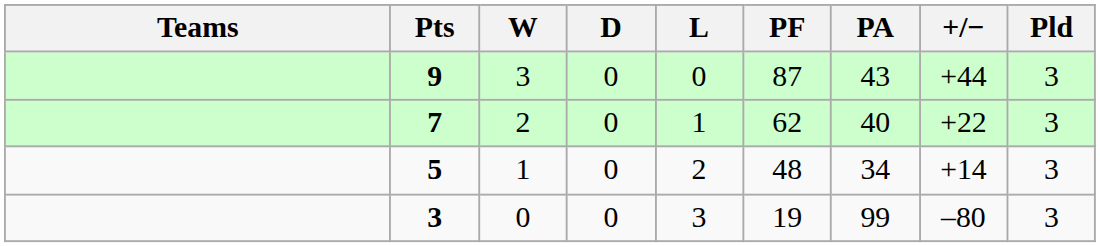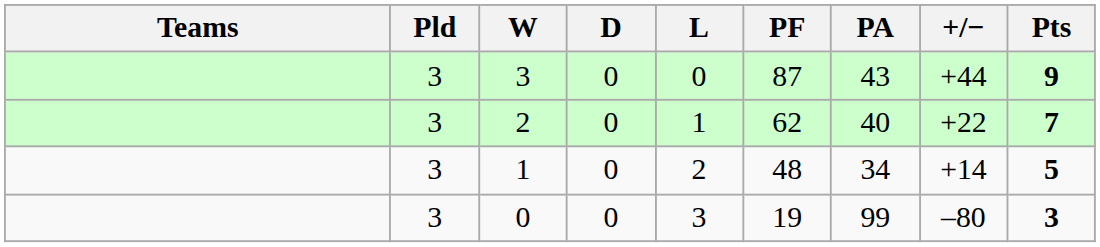 <table class="wikitable" style="text-align: center;">
 <tr>
 <th width="200">Teams</th>
-<th width="40">Pts</th>
+<th width="40">Pld</th>
 <th width="40">W</th>
 <th width="40">D</th>
 <th width="40">L</th>
 <th width="40">PF</th>
 <th width="40">PA</th>
 <th width="40">+/−</th>
-<th width="40">Pld</th>
+<th width="40">Pts</th>
 </tr>
 <tr bgcolor=ccffcc>
 <td align="left"></td>
-<td><strong>9</strong></td>
+<td>3</td>
 <td>3</td>
 <td>0</td>
 <td>0</td>
 <td>87</td>
 <td>43</td>
 <td>+44</td>
-<td>3</td>
+<td><strong>9</strong></td>
 </tr>
 <tr bgcolor=ccffcc>
 <td align="left"></td>
-<td><strong>7</strong></td>
+<td>3</td>
 <td>2</td>
 <td>0</td>
 <td>1</td>
 <td>62</td>
 <td>40</td>
 <td>+22</td>
-<td>3</td>
+<td><strong>7</strong></td>
 </tr>
 <tr>
 <td align=left></td>
-<td><strong>5</strong></td>
+<td>3</td>
 <td>1</td>
 <td>0</td>
 <td>2</td>
 <td>48</td>
 <td>34</td>
 <td>+14</td>
-<td>3</td>
+<td><strong>5</strong></td>
 </tr>
 <tr>
 <td align=left></td>
-<td><strong>3</strong></td>
+<td>3</td>
 <td>0</td>
 <td>0</td>
 <td>3</td>
 <td>19</td>
 <td>99</td>
 <td>–80</td>
-<td>3</td>
+<td><strong>3</strong></td>
 </tr>
 </table>
